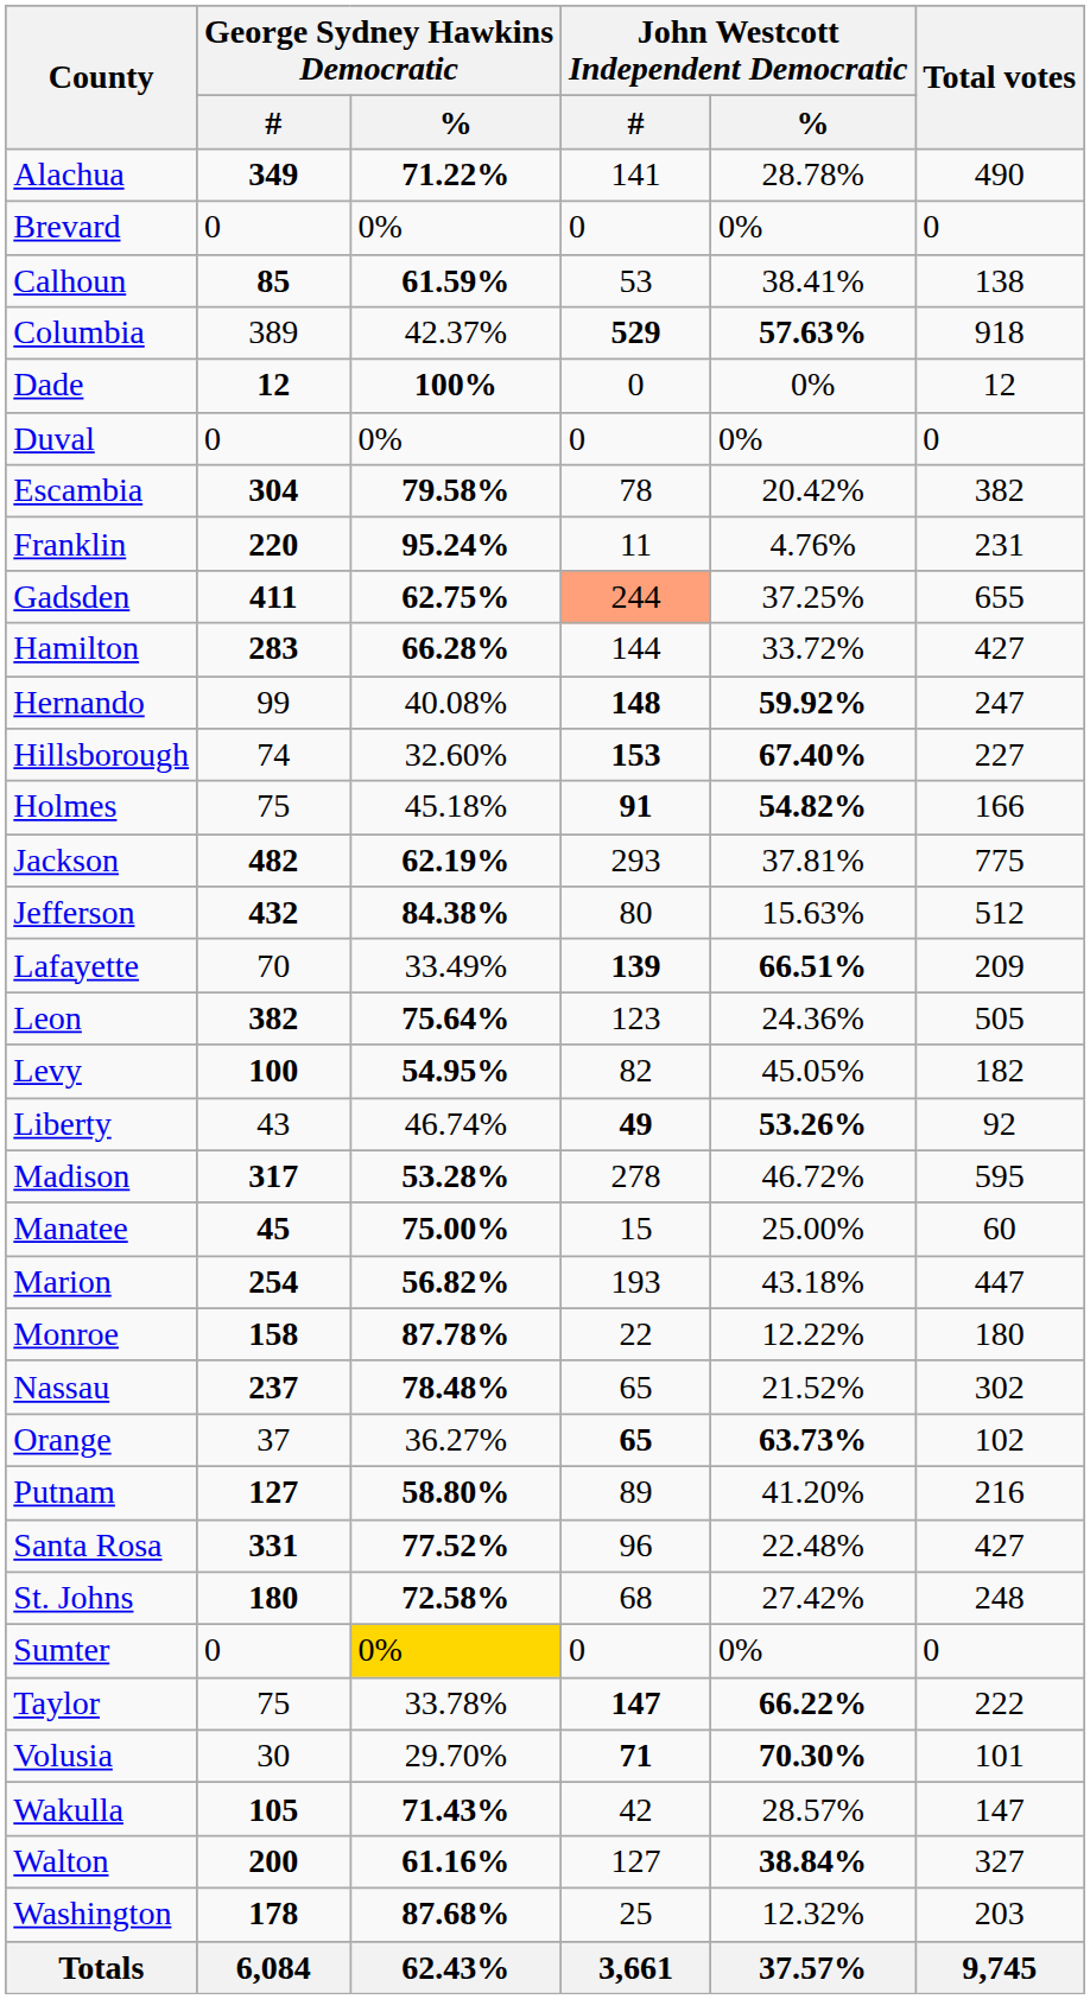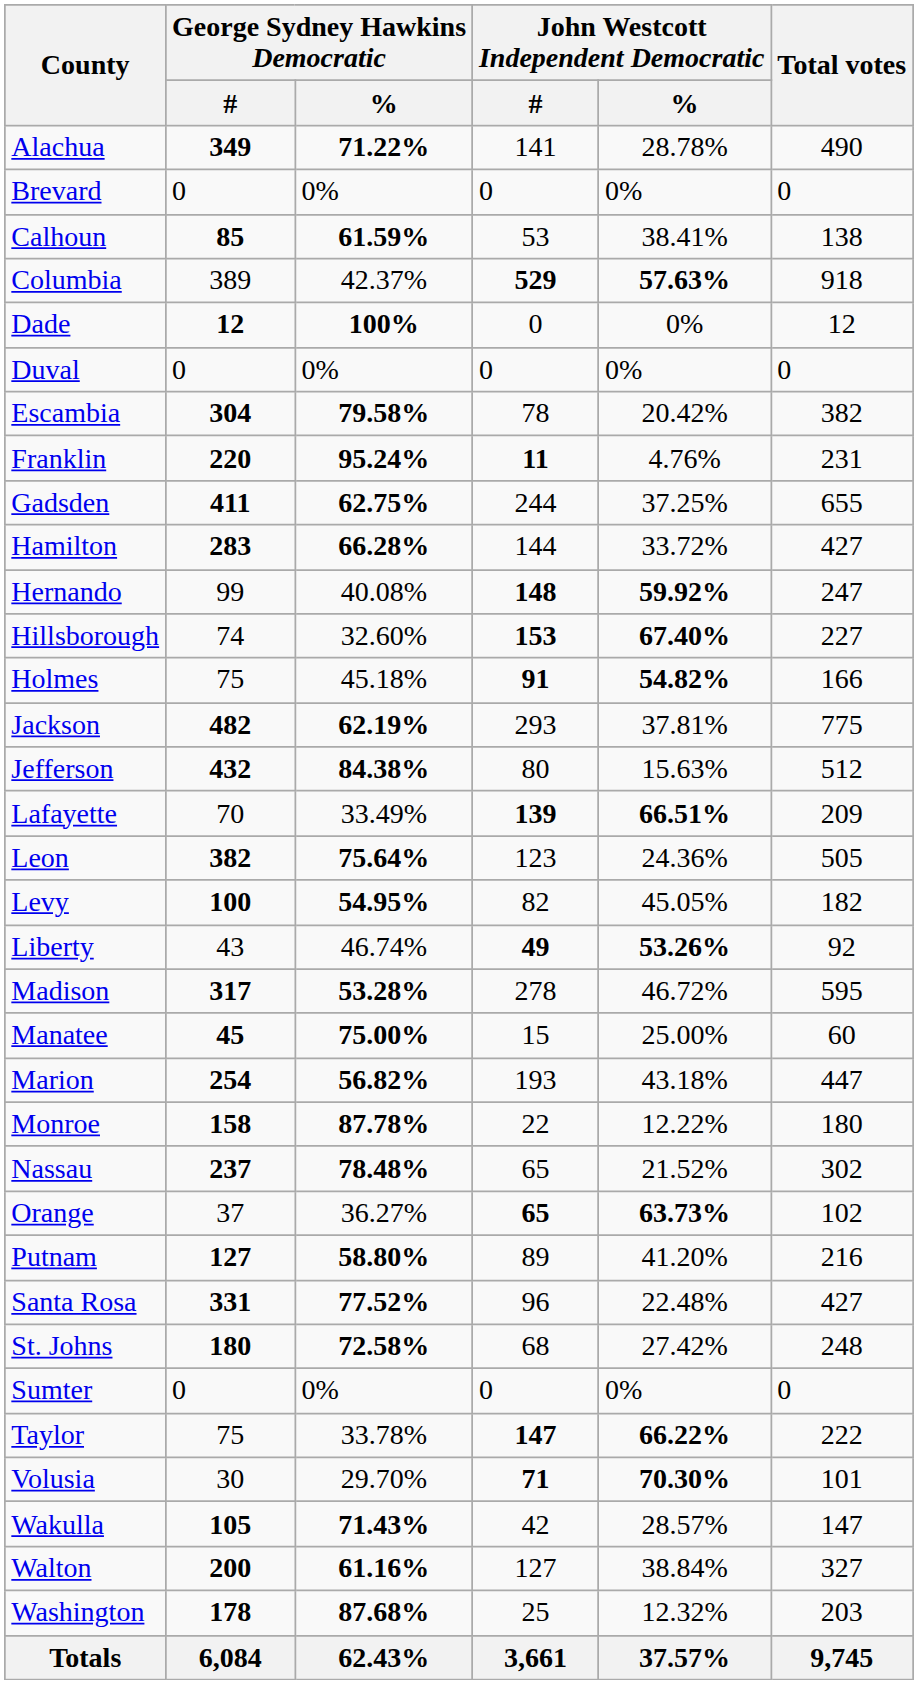 <table class="wikitable sortable">
 <tr>
 <th rowspan="2">County</th>
 <th colspan="2" style="text-align: center;" >George Sydney Hawkins <br> <em>Democratic</em></th>
 <th colspan="2" style="text-align: center;" >John Westcott <br><em>Independent Democratic</em></th>
 <th rowspan="2">Total votes</th>
 </tr>
 <tr>
 <th colspan="1" style="text-align: center;" >#</th>
 <th colspan="1" style="text-align: center;" >%</th>
 <th colspan="1" style="text-align: center;" >#</th>
 <th colspan="1" style="text-align: center;" >%</th>
 </tr>
 <tr>
 <td><a href='#'>Alachua</a></td>
 <td align="center"><strong>349</strong></td>
 <td align="center"><strong>71.22%</strong></td>
 <td align="center">141</td>
 <td align="center">28.78%</td>
 <td align="center">490</td>
 </tr>
 <tr>
 <td><a href='#'>Brevard</a></td>
 <td>0</td>
 <td>0%</td>
 <td>0</td>
 <td>0%</td>
 <td>0</td>
 </tr>
 <tr>
 <td><a href='#'>Calhoun</a></td>
 <td align="center"><strong>85</strong></td>
 <td align="center"><strong>61.59%</strong></td>
 <td align="center">53</td>
 <td align="center">38.41%</td>
 <td align="center">138</td>
 </tr>
 <tr>
 <td><a href='#'>Columbia</a></td>
 <td align="center">389</td>
 <td align="center">42.37%</td>
 <td align="center"><strong>529</strong></td>
 <td align="center"><strong>57.63%</strong></td>
 <td align="center">918</td>
 </tr>
 <tr>
 <td><a href='#'>Dade</a></td>
 <td align="center"><strong>12</strong></td>
 <td align="center"><strong>100%</strong></td>
 <td align="center">0</td>
 <td align="center">0%</td>
 <td align="center">12</td>
 </tr>
 <tr>
 <td><a href='#'>Duval</a></td>
 <td>0</td>
 <td>0%</td>
 <td>0</td>
 <td>0%</td>
 <td>0</td>
 </tr>
 <tr>
 <td><a href='#'>Escambia</a></td>
 <td align="center"><strong>304</strong></td>
 <td align="center"><strong>79.58%</strong></td>
 <td align="center">78</td>
 <td align="center">20.42%</td>
 <td align="center">382</td>
 </tr>
 <tr>
 <td><a href='#'>Franklin</a></td>
 <td align="center"><strong>220</strong></td>
 <td align="center"><strong>95.24%</strong></td>
-<td align="center">11</td>
+<td align="center"><strong>11</strong></td>
 <td align="center">4.76%</td>
 <td align="center">231</td>
 </tr>
 <tr>
 <td><a href='#'>Gadsden</a></td>
 <td align="center"><strong>411</strong></td>
 <td align="center"><strong>62.75%</strong></td>
-<td align="center" style="background: lightsalmon;">244</td>
+<td align="center">244</td>
 <td align="center">37.25%</td>
 <td align="center">655</td>
 </tr>
 <tr>
 <td><a href='#'>Hamilton</a></td>
 <td align="center"><strong>283</strong></td>
 <td align="center"><strong>66.28%</strong></td>
 <td align="center">144</td>
 <td align="center">33.72%</td>
 <td align="center">427</td>
 </tr>
 <tr>
 <td><a href='#'>Hernando</a></td>
 <td align="center">99</td>
 <td align="center">40.08%</td>
 <td align="center"><strong>148</strong></td>
 <td align="center"><strong>59.92%</strong></td>
 <td align="center">247</td>
 </tr>
 <tr>
 <td><a href='#'>Hillsborough</a></td>
 <td align="center">74</td>
 <td align="center">32.60%</td>
 <td align="center"><strong>153</strong></td>
 <td align="center"><strong>67.40%</strong></td>
 <td align="center">227</td>
 </tr>
 <tr>
 <td><a href='#'>Holmes</a></td>
 <td align="center">75</td>
 <td align="center">45.18%</td>
 <td align="center"><strong>91</strong></td>
 <td align="center"><strong>54.82%</strong></td>
 <td align="center">166</td>
 </tr>
 <tr>
 <td><a href='#'>Jackson</a></td>
 <td align="center"><strong>482</strong></td>
 <td align="center"><strong>62.19%</strong></td>
 <td align="center">293</td>
 <td align="center">37.81%</td>
 <td align="center">775</td>
 </tr>
 <tr>
 <td><a href='#'>Jefferson</a></td>
 <td align="center"><strong>432</strong></td>
 <td align="center"><strong>84.38%</strong></td>
 <td align="center">80</td>
 <td align="center">15.63%</td>
 <td align="center">512</td>
 </tr>
 <tr>
 <td><a href='#'>Lafayette</a></td>
 <td align="center">70</td>
 <td align="center">33.49%</td>
 <td align="center"><strong>139</strong></td>
 <td align="center"><strong>66.51%</strong></td>
 <td align="center">209</td>
 </tr>
 <tr>
 <td><a href='#'>Leon</a></td>
 <td align="center"><strong>382</strong></td>
 <td align="center"><strong>75.64%</strong></td>
 <td align="center">123</td>
 <td align="center">24.36%</td>
 <td align="center">505</td>
 </tr>
 <tr>
 <td><a href='#'>Levy</a></td>
 <td align="center"><strong>100</strong></td>
 <td align="center"><strong>54.95%</strong></td>
 <td align="center">82</td>
 <td align="center">45.05%</td>
 <td align="center">182</td>
 </tr>
 <tr>
 <td><a href='#'>Liberty</a></td>
 <td align="center">43</td>
 <td align="center">46.74%</td>
 <td align="center"><strong>49</strong></td>
 <td align="center"><strong>53.26%</strong></td>
 <td align="center">92</td>
 </tr>
 <tr>
 <td><a href='#'>Madison</a></td>
 <td align="center"><strong>317</strong></td>
 <td align="center"><strong>53.28%</strong></td>
 <td align="center">278</td>
 <td align="center">46.72%</td>
 <td align="center">595</td>
 </tr>
 <tr>
 <td><a href='#'>Manatee</a></td>
 <td align="center"><strong>45</strong></td>
 <td align="center"><strong>75.00%</strong></td>
 <td align="center">15</td>
 <td align="center">25.00%</td>
 <td align="center">60</td>
 </tr>
 <tr>
 <td><a href='#'>Marion</a></td>
 <td align="center"><strong>254</strong></td>
 <td align="center"><strong>56.82%</strong></td>
 <td align="center">193</td>
 <td align="center">43.18%</td>
 <td align="center">447</td>
 </tr>
 <tr>
 <td><a href='#'>Monroe</a></td>
 <td align="center"><strong>158</strong></td>
 <td align="center"><strong>87.78%</strong></td>
 <td align="center">22</td>
 <td align="center">12.22%</td>
 <td align="center">180</td>
 </tr>
 <tr>
 <td><a href='#'>Nassau</a></td>
 <td align="center"><strong>237</strong></td>
 <td align="center"><strong>78.48%</strong></td>
 <td align="center">65</td>
 <td align="center">21.52%</td>
 <td align="center">302</td>
 </tr>
 <tr>
 <td><a href='#'>Orange</a></td>
 <td align="center">37</td>
 <td align="center">36.27%</td>
 <td align="center"><strong>65</strong></td>
 <td align="center"><strong>63.73%</strong></td>
 <td align="center">102</td>
 </tr>
 <tr>
 <td><a href='#'>Putnam</a></td>
 <td align="center"><strong>127</strong></td>
 <td align="center"><strong>58.80%</strong></td>
 <td align="center">89</td>
 <td align="center">41.20%</td>
 <td align="center">216</td>
 </tr>
 <tr>
 <td><a href='#'>Santa Rosa</a></td>
 <td align="center"><strong>331</strong></td>
 <td align="center"><strong>77.52%</strong></td>
 <td align="center">96</td>
 <td align="center">22.48%</td>
 <td align="center">427</td>
 </tr>
 <tr>
 <td><a href='#'>St. Johns</a></td>
 <td align="center"><strong>180</strong></td>
 <td align="center"><strong>72.58%</strong></td>
 <td align="center">68</td>
 <td align="center">27.42%</td>
 <td align="center">248</td>
 </tr>
 <tr>
 <td><a href='#'>Sumter</a></td>
 <td>0</td>
-<td style="background: gold;">0%</td>
+<td>0%</td>
 <td>0</td>
 <td>0%</td>
 <td>0</td>
 </tr>
 <tr>
 <td><a href='#'>Taylor</a></td>
 <td align="center">75</td>
 <td align="center">33.78%</td>
 <td align="center"><strong>147</strong></td>
 <td align="center"><strong>66.22%</strong></td>
 <td align="center">222</td>
 </tr>
 <tr>
 <td><a href='#'>Volusia</a></td>
 <td align="center">30</td>
 <td align="center">29.70%</td>
 <td align="center"><strong>71</strong></td>
 <td align="center"><strong>70.30%</strong></td>
 <td align="center">101</td>
 </tr>
 <tr>
 <td><a href='#'>Wakulla</a></td>
 <td align="center"><strong>105</strong></td>
 <td align="center"><strong>71.43%</strong></td>
 <td align="center">42</td>
 <td align="center">28.57%</td>
 <td align="center">147</td>
 </tr>
 <tr>
 <td><a href='#'>Walton</a></td>
 <td align="center"><strong>200</strong></td>
 <td align="center"><strong>61.16%</strong></td>
 <td align="center">127</td>
-<td align="center"><strong>38.84%</strong></td>
+<td align="center">38.84%</td>
 <td align="center">327</td>
 </tr>
 <tr>
 <td><a href='#'>Washington</a></td>
 <td align="center"><strong>178</strong></td>
 <td align="center"><strong>87.68%</strong></td>
 <td align="center">25</td>
 <td align="center">12.32%</td>
 <td align="center">203</td>
 </tr>
 <tr>
 <th>Totals</th>
 <th><strong>6,084</strong></th>
 <th><strong>62.43%</strong></th>
 <th><strong>3,661</strong></th>
 <th><strong>37.57%</strong></th>
 <th>9,745</th>
 </tr>
 </table>
